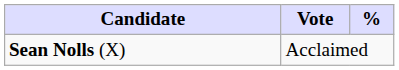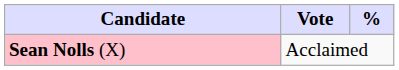 <table class="wikitable">
 <tr>
 <th style="background:#ddf; width:225px;">Candidate</th>
 <th style="background:#ddf; width:50px;">Vote</th>
 <th style="background:#ddf; width:30px;">%</th>
 </tr>
 <tr>
-<td><strong>Sean Nolls</strong> (X)</td>
+<td style="background: pink;"><strong>Sean Nolls</strong> (X)</td>
 <td colspan="2">Acclaimed</td>
 </tr>
 </table>
